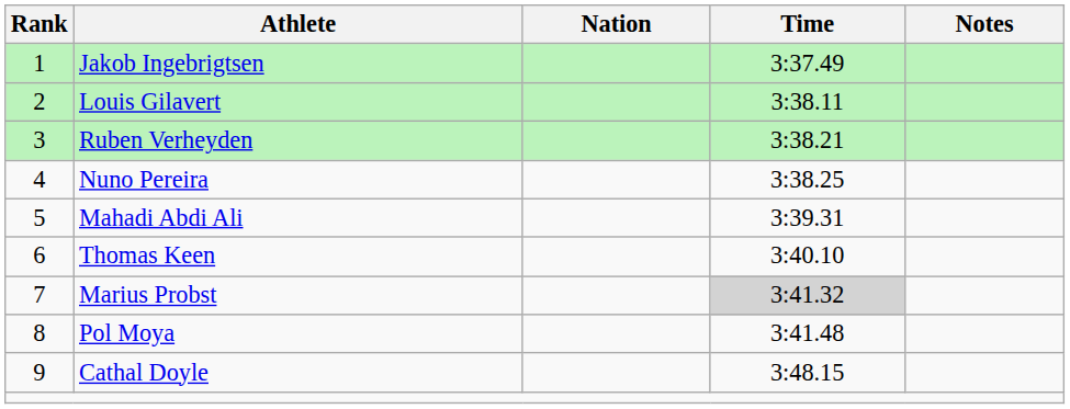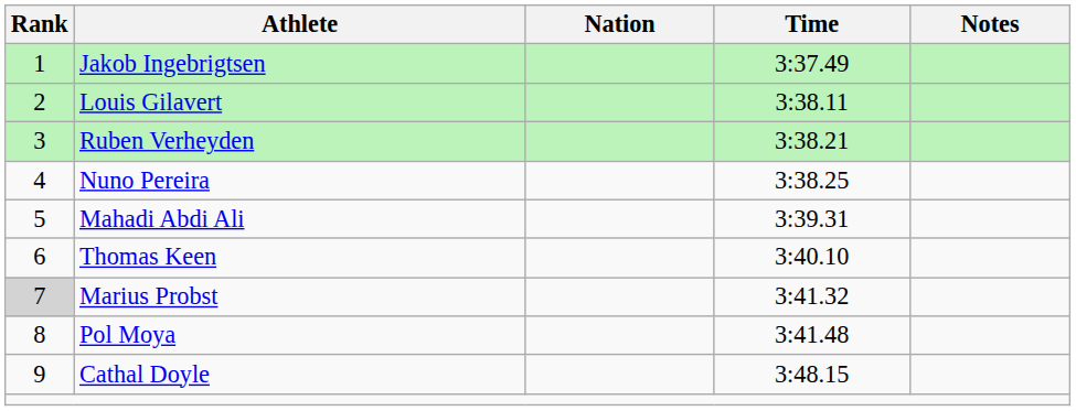 <table class="wikitable sortable" style="text-align:center;width: 55%;">
 <tr>
 <th scope="col" style="width: 10px;">Rank</th>
 <th scope="col">Athlete</th>
 <th scope="col">Nation</th>
 <th scope="col">Time</th>
 <th scope="col">Notes</th>
 </tr>
 <tr bgcolor=bbf3bb>
 <td>1</td>
 <td align=left><a href='#'>Jakob Ingebrigtsen</a></td>
 <td align=left></td>
 <td>3:37.49</td>
 <td></td>
 </tr>
 <tr bgcolor=bbf3bb>
 <td>2</td>
 <td align=left><a href='#'>Louis Gilavert</a></td>
 <td align=left></td>
 <td>3:38.11</td>
 <td></td>
 </tr>
 <tr bgcolor=bbf3bb>
 <td>3</td>
 <td align=left><a href='#'>Ruben Verheyden</a></td>
 <td align=left></td>
 <td>3:38.21</td>
 <td></td>
 </tr>
 <tr>
 <td>4</td>
 <td align=left><a href='#'>Nuno Pereira</a></td>
 <td align=left></td>
 <td>3:38.25</td>
 <td></td>
 </tr>
 <tr>
 <td>5</td>
 <td align=left><a href='#'>Mahadi Abdi Ali</a></td>
 <td align=left></td>
 <td>3:39.31</td>
 <td></td>
 </tr>
 <tr>
 <td>6</td>
 <td align=left><a href='#'>Thomas Keen</a></td>
 <td align=left></td>
 <td>3:40.10</td>
 <td></td>
 </tr>
 <tr>
-<td>7</td>
+<td style="background: lightgrey;">7</td>
 <td align=left><a href='#'>Marius Probst</a></td>
 <td align=left></td>
-<td style="background: lightgrey;">3:41.32</td>
+<td>3:41.32</td>
 <td></td>
 </tr>
 <tr>
 <td>8</td>
 <td align=left><a href='#'>Pol Moya</a></td>
 <td align=left></td>
 <td>3:41.48</td>
 <td></td>
 </tr>
 <tr>
 <td>9</td>
 <td align=left><a href='#'>Cathal Doyle</a></td>
 <td align=left></td>
 <td>3:48.15</td>
 <td></td>
 </tr>
 <tr class="sortbottom">
 <td colspan="5"></td>
 </tr>
 </table>
